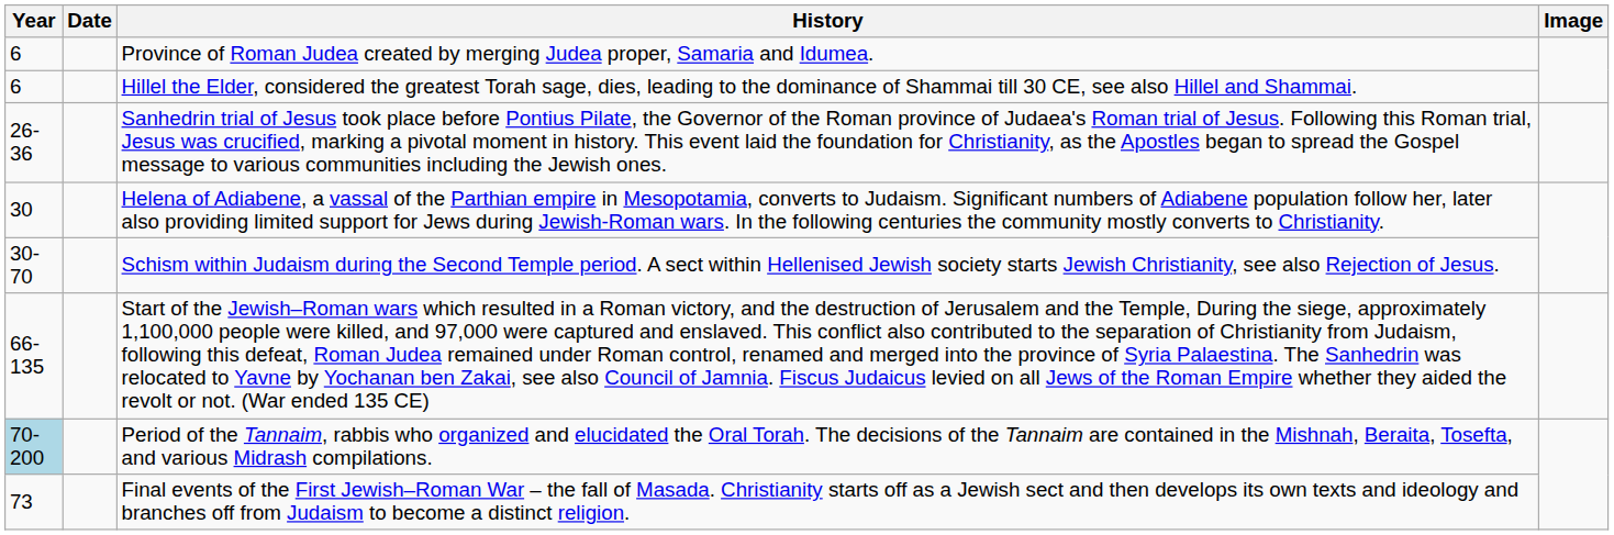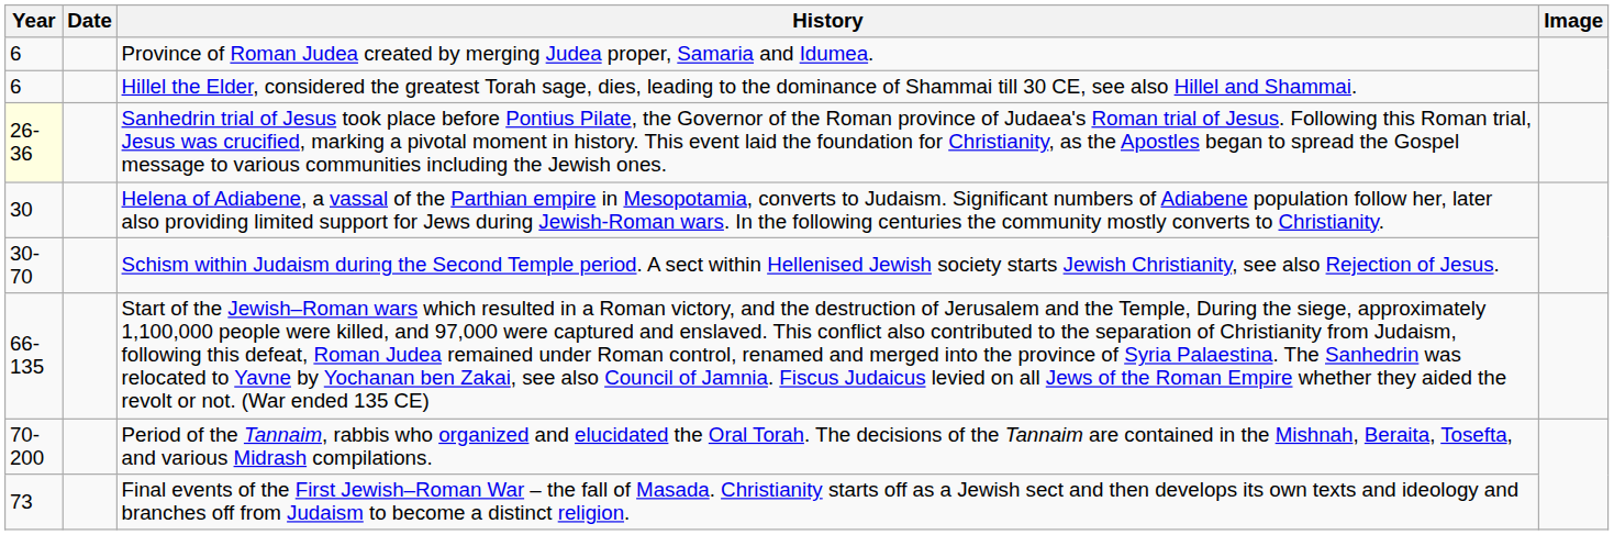 <table class="wikitable">
 <tr>
 <th>Year</th>
 <th>Date</th>
 <th>History</th>
 <th>Image</th>
 </tr>
 <tr>
 <td>6</td>
 <td></td>
 <td>Province of <a href='#'>Roman Judea</a> created by merging <a href='#'>Judea</a> proper, <a href='#'>Samaria</a> and <a href='#'>Idumea</a>.</td>
 </tr>
 <tr>
 <td>6</td>
 <td></td>
 <td><a href='#'>Hillel the Elder</a>, considered the greatest Torah sage, dies, leading to the dominance of Shammai till 30 CE, see also <a href='#'>Hillel and Shammai</a>.</td>
 </tr>
 <tr>
-<td>26-36</td>
+<td style="background: lightyellow;">26-36</td>
 <td></td>
 <td><a href='#'>Sanhedrin trial of Jesus</a> took place before <a href='#'>Pontius Pilate</a>, the Governor of the Roman province of Judaea's  <a href='#'>Roman trial of Jesus</a>. Following this Roman trial,  <a href='#'>Jesus was crucified</a>, marking a pivotal moment in history. This event laid the foundation for <a href='#'>Christianity</a>, as the <a href='#'>Apostles</a> began to spread the Gospel message to various communities including the Jewish ones.</td>
 <td><br></td>
 </tr>
 <tr>
 <td>30</td>
 <td></td>
 <td><a href='#'>Helena of Adiabene</a>, a <a href='#'>vassal</a> of the <a href='#'>Parthian empire</a> in <a href='#'>Mesopotamia</a>, converts to Judaism. Significant numbers of <a href='#'>Adiabene</a> population follow her, later also providing limited support for Jews during <a href='#'>Jewish-Roman wars</a>. In the following centuries the community mostly converts to <a href='#'>Christianity</a>.</td>
 </tr>
 <tr>
 <td>30-70</td>
 <td></td>
 <td><a href='#'>Schism within Judaism during the Second Temple period</a>. A sect within <a href='#'>Hellenised Jewish</a> society starts <a href='#'>Jewish Christianity</a>, see also <a href='#'>Rejection of Jesus</a>.</td>
 </tr>
 <tr>
 <td>66-135</td>
 <td></td>
 <td>Start of the <a href='#'>Jewish–Roman wars</a> which resulted in a Roman victory, and the destruction of Jerusalem and the Temple, During the siege, approximately 1,100,000 people were killed, and 97,000 were captured and enslaved. This conflict also contributed to the separation of Christianity from Judaism, following this defeat, <a href='#'>Roman Judea</a> remained under Roman control, renamed and merged into the province of <a href='#'>Syria Palaestina</a>. The <a href='#'>Sanhedrin</a> was relocated to <a href='#'>Yavne</a> by <a href='#'>Yochanan ben Zakai</a>, see also <a href='#'>Council of Jamnia</a>. <a href='#'>Fiscus Judaicus</a> levied on all <a href='#'>Jews of the Roman Empire</a> whether they aided the revolt or not. (War ended 135 CE)</td>
 <td><br> </td>
 </tr>
 <tr>
-<td style="background: lightblue;">70-200</td>
+<td>70-200</td>
 <td></td>
 <td>Period of the <em><a href='#'>Tannaim</a></em>, rabbis who <a href='#'>organized</a> and <a href='#'>elucidated</a> the <a href='#'>Oral Torah</a>. The decisions of the <em>Tannaim</em> are contained in the <a href='#'>Mishnah</a>, <a href='#'>Beraita</a>, <a href='#'>Tosefta</a>, and various <a href='#'>Midrash</a> compilations.</td>
 </tr>
 <tr>
 <td>73</td>
 <td></td>
 <td>Final events of the <a href='#'>First Jewish–Roman War</a> – the fall of <a href='#'>Masada</a>. <a href='#'>Christianity</a> starts off as a Jewish sect and then develops its own texts and ideology and branches off from <a href='#'>Judaism</a> to become a distinct <a href='#'>religion</a>.</td>
 </tr>
 </table>
